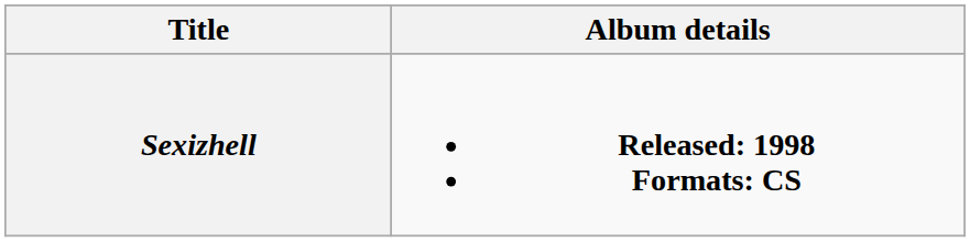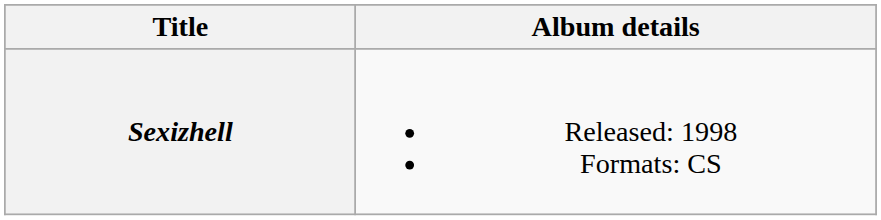 <table class="wikitable plainrowheaders" style="text-align:center;">
 <tr>
 <th scope="col" style="width:12em;">Title</th>
 <th scope="col" style="width:18em;">Album details</th>
 </tr>
 <tr>
 <th scope="row"><em>Sexizhell</em></th>
-<td><strong><br><ul><li>Released: 1998</li><li>Formats: CS</li></ul></strong></td>
+<td><br><ul><li>Released: 1998</li><li>Formats: CS</li></ul></td>
 </tr>
 </table>
